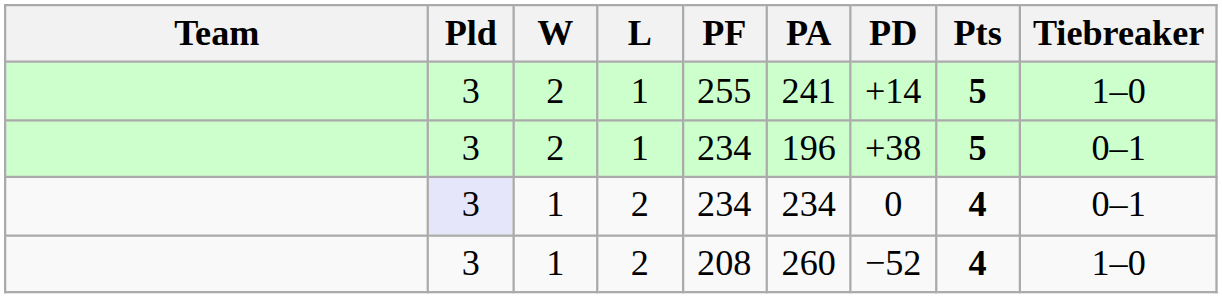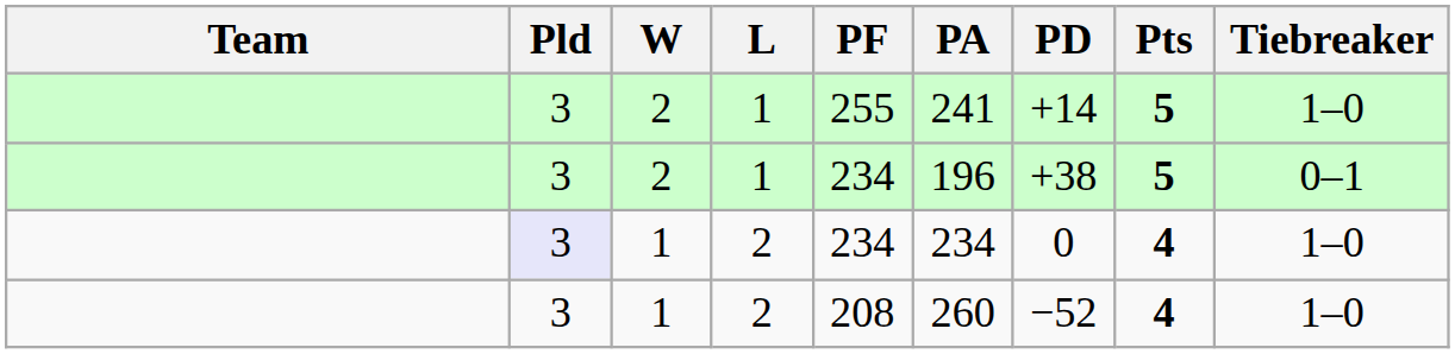 <table class=wikitable style="text-align:center">
 <tr>
 <th width=180>Team</th>
 <th width=30>Pld</th>
 <th width=30>W</th>
 <th width=30>L</th>
 <th width=30>PF</th>
 <th width=30>PA</th>
 <th width=30>PD</th>
 <th width=30>Pts</th>
 <th width=80>Tiebreaker</th>
 </tr>
 <tr bgcolor="#ccffcc">
 <td align=left></td>
 <td>3</td>
 <td>2</td>
 <td>1</td>
 <td>255</td>
 <td>241</td>
 <td>+14</td>
 <td><strong>5</strong></td>
 <td>1–0</td>
 </tr>
 <tr bgcolor="#ccffcc">
 <td align=left></td>
 <td>3</td>
 <td>2</td>
 <td>1</td>
 <td>234</td>
 <td>196</td>
 <td>+38</td>
 <td><strong>5</strong></td>
 <td>0–1</td>
 </tr>
 <tr align=center>
 <td align=left></td>
 <td style="background: lavender;">3</td>
 <td>1</td>
 <td>2</td>
 <td>234</td>
 <td>234</td>
 <td>0</td>
 <td><strong>4</strong></td>
-<td>0–1</td>
+<td>1–0</td>
 </tr>
 <tr align=center>
 <td align=left></td>
 <td>3</td>
 <td>1</td>
 <td>2</td>
 <td>208</td>
 <td>260</td>
 <td>−52</td>
 <td><strong>4</strong></td>
 <td>1–0</td>
 </tr>
 </table>
